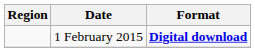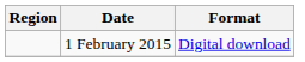 <table class=wikitable>
 <tr>
 <th>Region</th>
 <th>Date</th>
 <th>Format</th>
 </tr>
 <tr>
 <td></td>
 <td>1 February 2015</td>
-<td><strong><a href='#'>Digital download</a></strong></td>
+<td><a href='#'>Digital download</a></td>
 </tr>
 <tr>
 </tr>
 </table>
